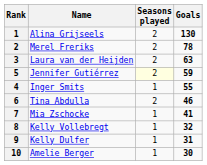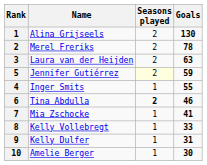 <table class="wikitable" style="text-align: center">
 <tr>
 <th>Rank</th>
 <th class="unsortable">Name</th>
 <th>Seasons<br>played</th>
 <th>Goals</th>
 </tr>
 <tr>
 <th rowspan="1">1</th>
 <td style="text-align: left;"> <a href='#'>Alina Grijseels</a></td>
 <td>2</td>
 <td><strong>130</strong></td>
 </tr>
 <tr>
 <th rowspan="1">2</th>
 <td style="text-align: left;"> <a href='#'>Merel Freriks</a></td>
 <td>2</td>
 <td><strong>78</strong></td>
 </tr>
 <tr>
 <th rowspan="1">3</th>
 <td style="text-align: left;"> <a href='#'>Laura van der Heijden</a></td>
 <td>2</td>
 <td><strong>63</strong></td>
 </tr>
 <tr>
 <th rowspan="1">5</th>
 <td style="text-align: left;"> <a href='#'>Jennifer Gutiérrez</a></td>
 <td style="background: lightyellow;">2</td>
 <td><strong>59</strong></td>
 </tr>
 <tr>
 <th rowspan="1">4</th>
 <td style="text-align: left;"> <a href='#'>Inger Smits</a></td>
 <td>1</td>
 <td><strong>55</strong></td>
 </tr>
 <tr>
 <th rowspan="1">6</th>
 <td style="text-align: left;"> <a href='#'>Tina Abdulla</a></td>
-<td>2</td>
+<td><strong>2</strong></td>
 <td><strong>46</strong></td>
 </tr>
 <tr>
 <th rowspan="1">7</th>
 <td style="text-align: left;"> <a href='#'>Mia Zschocke</a></td>
 <td>1</td>
 <td><strong>41</strong></td>
 </tr>
 <tr>
 <th rowspan="1">8</th>
 <td style="text-align: left;"> <a href='#'>Kelly Vollebregt</a></td>
 <td>1</td>
-<td><strong>32</strong></td>
+<td><strong>33</strong></td>
 </tr>
 <tr>
 <th rowspan="1">9</th>
 <td style="text-align: left;"> <a href='#'>Kelly Dulfer</a></td>
 <td>1</td>
 <td><strong>31</strong></td>
 </tr>
 <tr>
 <th rowspan="1">10</th>
 <td style="text-align: left;"> <a href='#'>Amelie Berger</a></td>
 <td>1</td>
 <td><strong>30</strong></td>
 </tr>
 </table>
